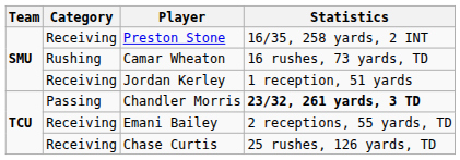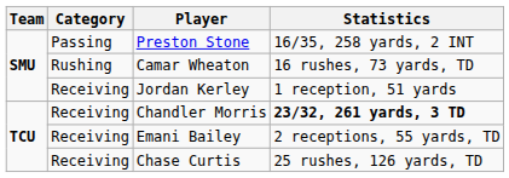 <table class="wikitable" style="float: right;">
 <tr>
 <th>Team</th>
 <th>Category</th>
 <th>Player</th>
 <th>Statistics</th>
 </tr>
 <tr>
 <td rowspan=3><strong>SMU</strong></td>
-<td>Receiving</td>
+<td>Passing</td>
 <td><a href='#'>Preston Stone</a></td>
 <td>16/35, 258 yards, 2 INT</td>
 </tr>
 <tr>
 <td>Rushing</td>
 <td>Camar Wheaton</td>
 <td>16 rushes, 73 yards, TD</td>
 </tr>
 <tr>
 <td>Receiving</td>
 <td>Jordan Kerley</td>
 <td>1 reception, 51 yards</td>
 </tr>
 <tr>
 <td rowspan=3><strong>TCU</strong></td>
-<td>Passing</td>
+<td>Receiving</td>
 <td>Chandler Morris</td>
 <td><strong>23/32, 261 yards, 3 TD</strong></td>
 </tr>
 <tr>
 <td>Receiving</td>
 <td>Emani Bailey</td>
 <td>2 receptions, 55 yards, TD</td>
 </tr>
 <tr>
 <td>Receiving</td>
 <td>Chase Curtis</td>
 <td>25 rushes, 126 yards, TD</td>
 </tr>
 </table>
